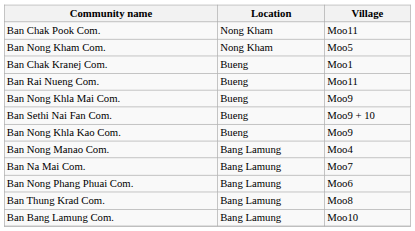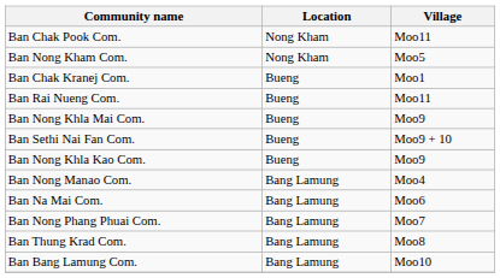 <table class="wikitable" style="width:48%; display:inline-table;">
 <tr>
 <th>Community name</th>
 <th>Location</th>
 <th>Village</th>
 </tr>
 <tr>
 <td>Ban Chak Pook Com.</td>
 <td>Nong Kham</td>
 <td>Moo11</td>
 </tr>
 <tr>
 <td>Ban Nong Kham Com.</td>
 <td>Nong Kham</td>
 <td>Moo5</td>
 </tr>
 <tr>
 <td>Ban Chak Kranej Com.</td>
 <td>Bueng</td>
 <td>Moo1</td>
 </tr>
 <tr>
 <td>Ban Rai Nueng Com.</td>
 <td>Bueng</td>
 <td>Moo11</td>
 </tr>
 <tr>
 <td>Ban Nong Khla Mai Com.</td>
 <td>Bueng</td>
 <td>Moo9</td>
 </tr>
 <tr>
 <td>Ban Sethi Nai Fan Com.</td>
 <td>Bueng</td>
 <td>Moo9 + 10</td>
 </tr>
 <tr>
 <td>Ban Nong Khla Kao Com.</td>
 <td>Bueng</td>
 <td>Moo9</td>
 </tr>
 <tr>
 <td>Ban Nong Manao Com.</td>
 <td>Bang Lamung</td>
 <td>Moo4</td>
 </tr>
 <tr>
 <td>Ban Na Mai Com.</td>
 <td>Bang Lamung</td>
-<td>Moo7</td>
+<td>Moo6</td>
 </tr>
 <tr>
 <td>Ban Nong Phang Phuai Com.</td>
 <td>Bang Lamung</td>
-<td>Moo6</td>
+<td>Moo7</td>
 </tr>
 <tr>
 <td>Ban Thung Krad Com.</td>
 <td>Bang Lamung</td>
 <td>Moo8</td>
 </tr>
 <tr>
 <td>Ban Bang Lamung Com.</td>
 <td>Bang Lamung</td>
 <td>Moo10</td>
 </tr>
 <tr>
 </tr>
 </table>
